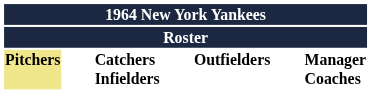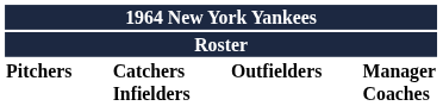 <table class="toccolours" style="font-size: 95%;">
 <tr>
 <th colspan="10" style="background-color: #1c2841; color: white; text-align: center;">1964 New York Yankees</th>
 </tr>
 <tr>
 <td colspan="10" style="background-color: #1c2841; color: white; text-align: center;"><strong>Roster</strong></td>
 </tr>
 <tr>
-<td valign="top" style="background: khaki;"><strong>Pitchers</strong><br>             </td>
+<td valign="top"><strong>Pitchers</strong><br>             </td>
 <td width="25px"></td>
 <td valign="top"><strong>Catchers</strong><br>   <strong>Infielders</strong>        </td>
 <td width="25px"></td>
 <td valign="top"><strong>Outfielders</strong><br>      </td>
 <td width="25px"></td>
 <td valign="top"><strong>Manager</strong><br> <strong>Coaches</strong>    </td>
 </tr>
 </table>
